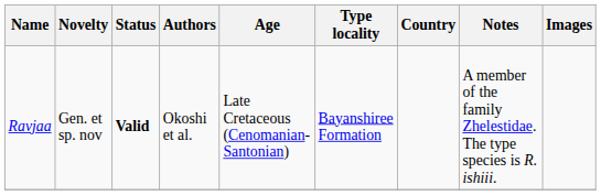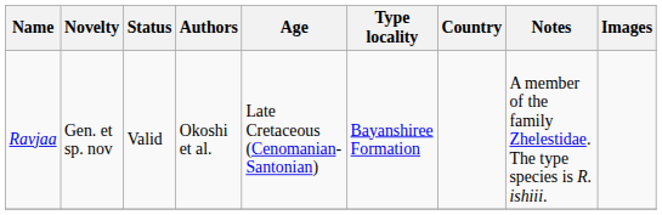 <table class="wikitable sortable" align="center" width="100%">
 <tr>
 <th>Name</th>
 <th>Novelty</th>
 <th>Status</th>
 <th>Authors</th>
 <th>Age</th>
 <th>Type locality</th>
 <th>Country</th>
 <th>Notes</th>
 <th>Images</th>
 </tr>
 <tr>
 <td><br><em><a href='#'>Ravjaa</a></em></td>
 <td><br>Gen. et sp. nov</td>
-<td><strong><br>Valid</strong></td>
+<td><br>Valid</td>
 <td><br>Okoshi et al.</td>
 <td><br>Late Cretaceous (<a href='#'>Cenomanian</a>-<a href='#'>Santonian</a>)</td>
 <td><br><a href='#'>Bayanshiree Formation</a></td>
 <td><br></td>
 <td><br>A member of the family <a href='#'>Zhelestidae</a>. The type species is <em>R. ishiii</em>.</td>
 <td></td>
 </tr>
 <tr>
 </tr>
 </table>
